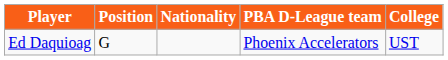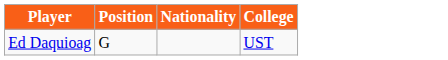 <table class="wikitable sortable sortable">
 <tr>
 <th style="background:#F95F17; color:#FFFFFF; ">Player</th>
 <th style="background:#F95F17; color:#FFFFFF; ">Position</th>
 <th style="background:#F95F17; color:#FFFFFF; ">Nationality</th>
-<th style="background:#F95F17; color:#FFFFFF; ">PBA D-League team</th>
 <th style="background:#F95F17; color:#FFFFFF; ">College</th>
 </tr>
 <tr>
 <td><a href='#'>Ed Daquioag</a></td>
 <td>G</td>
 <td></td>
-<td><a href='#'>Phoenix Accelerators</a></td>
 <td><a href='#'>UST</a></td>
 </tr>
 </table>
